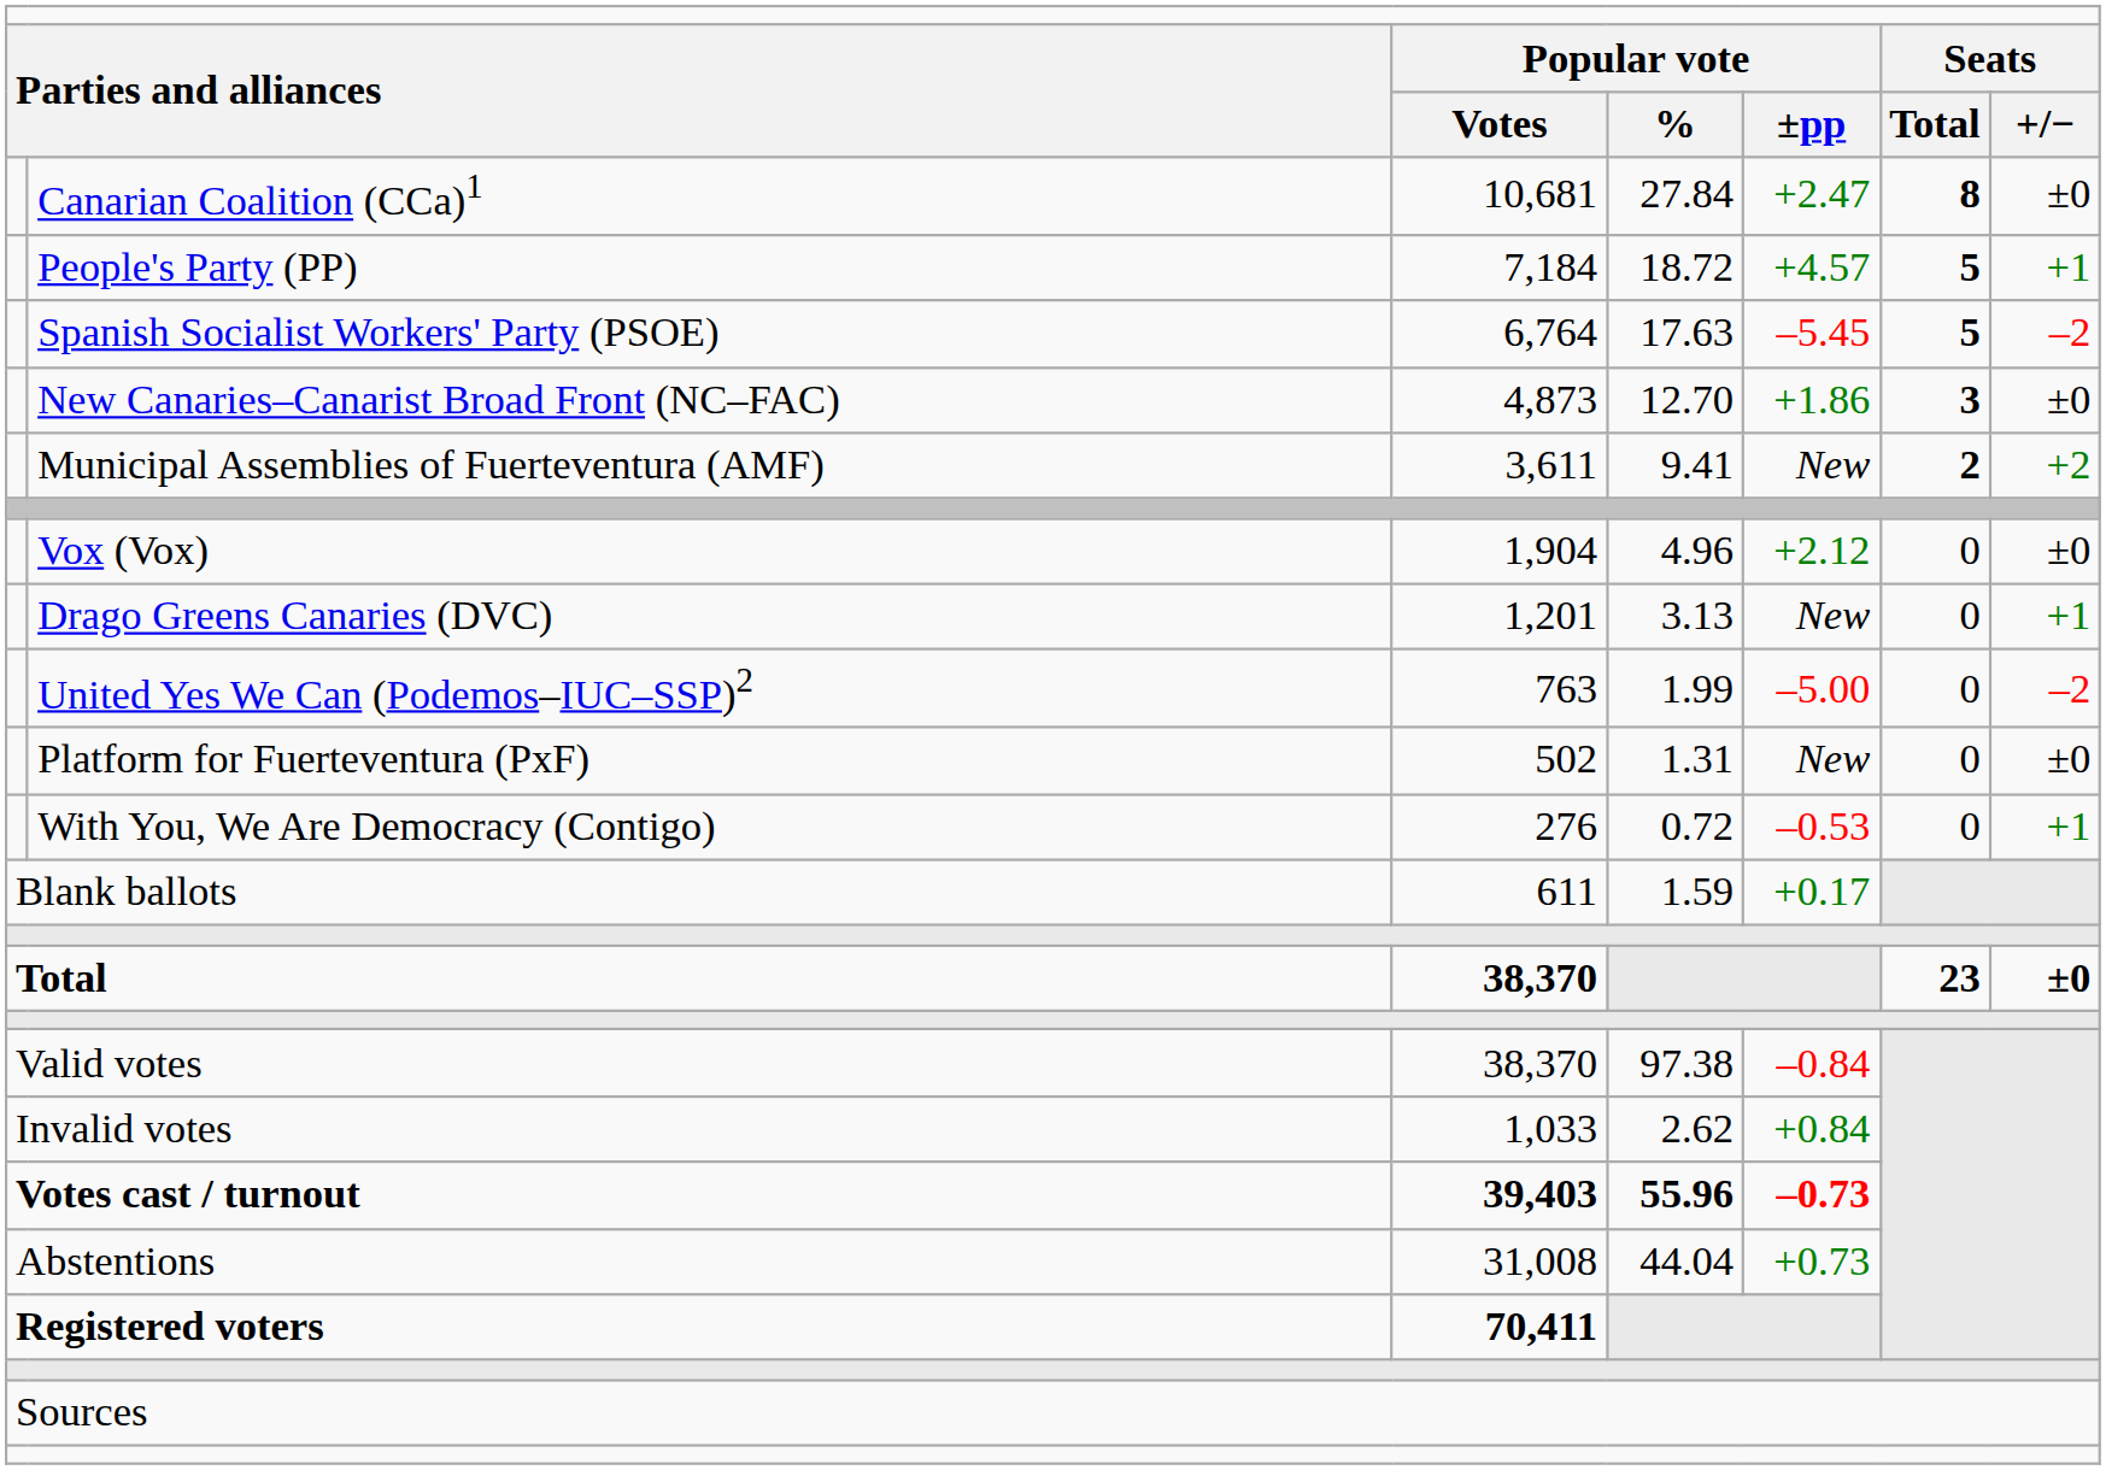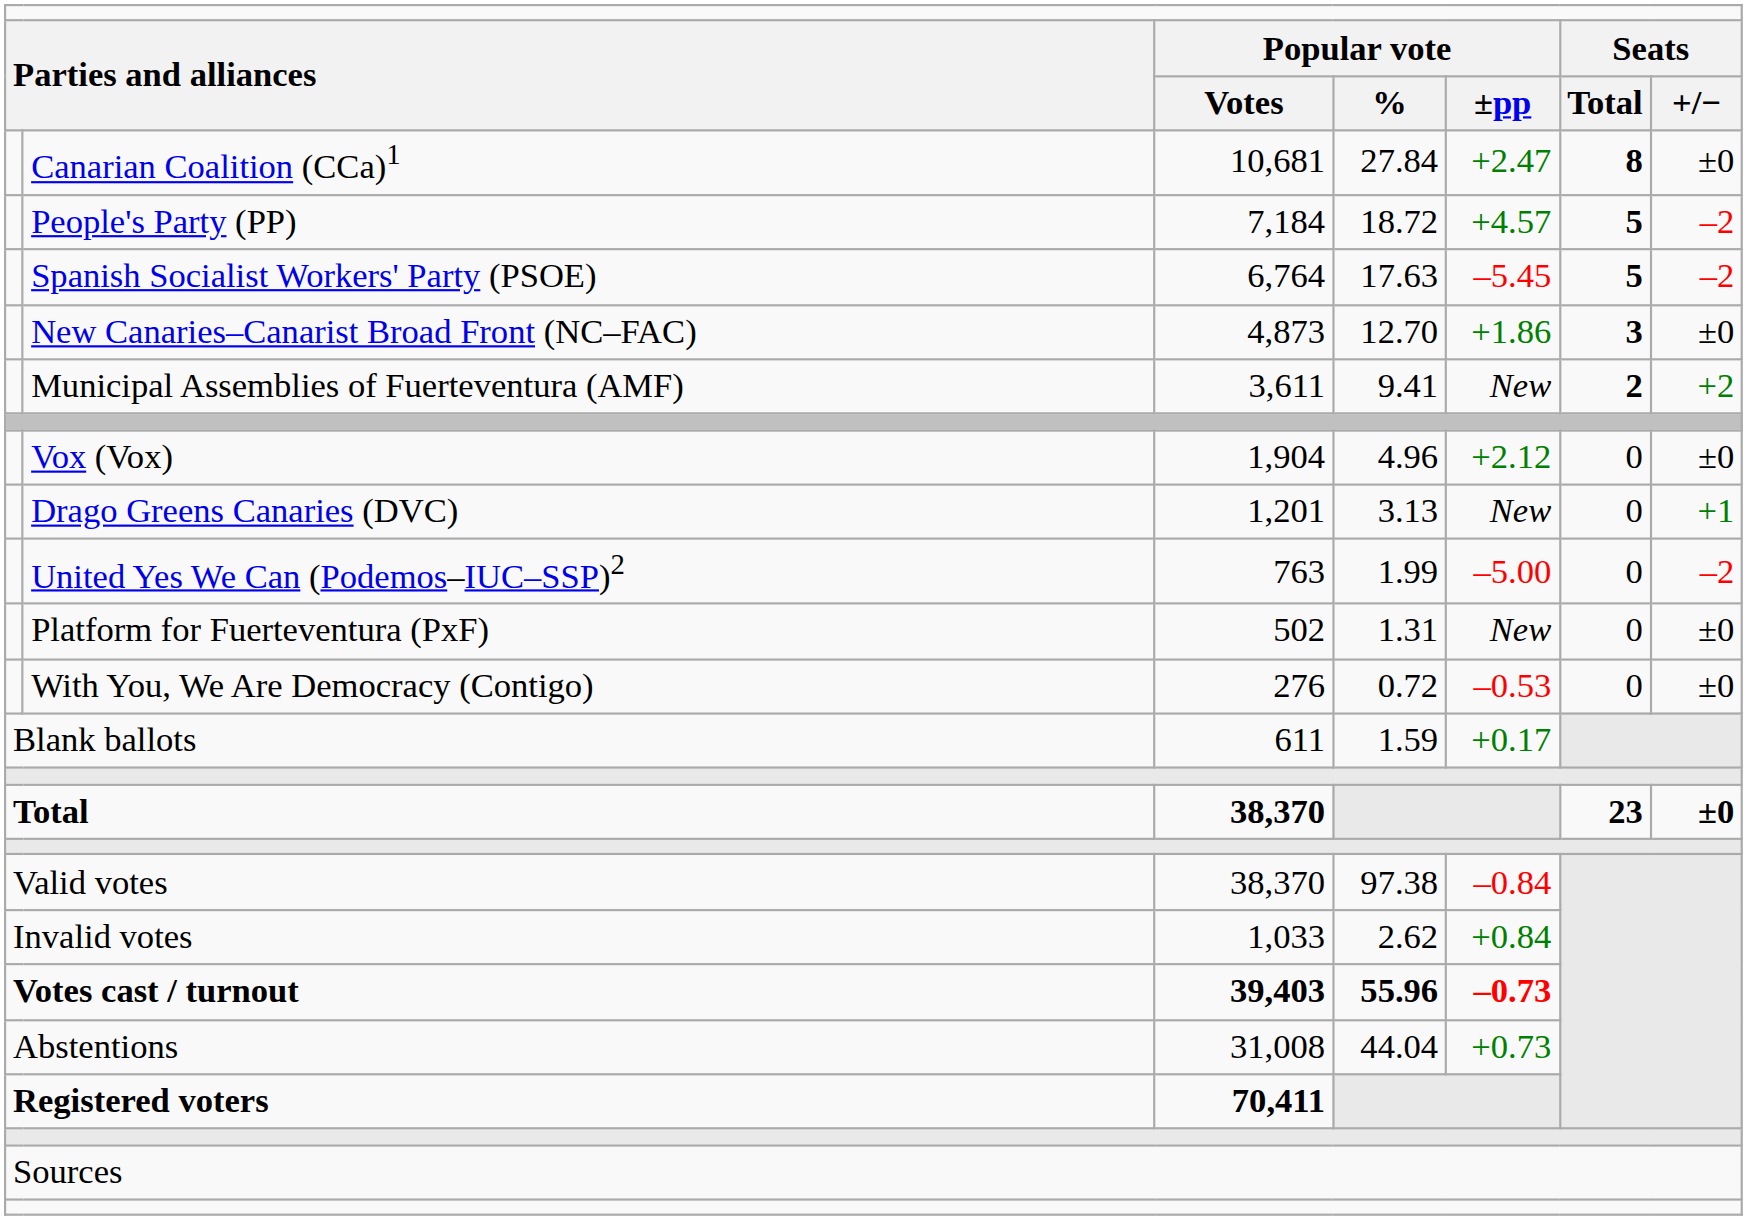 <table class="wikitable" style="text-align:right;">
 <tr>
 <td colspan="7"></td>
 </tr>
 <tr>
 <th style="text-align:left;" rowspan="2" colspan="2" width="525">Parties and alliances</th>
 <th colspan="3">Popular vote</th>
 <th colspan="2">Seats</th>
 </tr>
 <tr>
 <th width="75">Votes</th>
 <th width="45">%</th>
 <th width="45">±<a href='#'>pp</a></th>
 <th width="35">Total</th>
 <th width="35">+/−</th>
 </tr>
 <tr>
 <td width="1" style="color:inherit;background:"></td>
 <td align="left"><a href='#'>Canarian Coalition</a> (CCa)<sup>1</sup></td>
 <td>10,681</td>
 <td>27.84</td>
 <td style="color:green;">+2.47</td>
 <td><strong>8</strong></td>
 <td>±0</td>
 </tr>
 <tr>
 <td style="color:inherit;background:"></td>
 <td align="left"><a href='#'>People's Party</a> (PP)</td>
 <td>7,184</td>
 <td>18.72</td>
 <td style="color:green;">+4.57</td>
 <td><strong>5</strong></td>
-<td style="color:green;">+1</td>
+<td style="color:red;">–2</td>
 </tr>
 <tr>
 <td style="color:inherit;background:"></td>
 <td align="left"><a href='#'>Spanish Socialist Workers' Party</a> (PSOE)</td>
 <td>6,764</td>
 <td>17.63</td>
 <td style="color:red;">–5.45</td>
 <td><strong>5</strong></td>
 <td style="color:red;">–2</td>
 </tr>
 <tr>
 <td style="color:inherit;background:"></td>
 <td align="left"><a href='#'>New Canaries–Canarist Broad Front</a> (NC–FAC)</td>
 <td>4,873</td>
 <td>12.70</td>
 <td style="color:green;">+1.86</td>
 <td><strong>3</strong></td>
 <td>±0</td>
 </tr>
 <tr>
 <td style="color:inherit;background:"></td>
 <td align="left">Municipal Assemblies of Fuerteventura (AMF)</td>
 <td>3,611</td>
 <td>9.41</td>
 <td><em>New</em></td>
 <td><strong>2</strong></td>
 <td style="color:green;">+2</td>
 </tr>
 <tr>
 <td colspan="7" bgcolor="#C0C0C0"></td>
 </tr>
 <tr>
 <td style="color:inherit;background:"></td>
 <td align="left"><a href='#'>Vox</a> (Vox)</td>
 <td>1,904</td>
 <td>4.96</td>
 <td style="color:green;">+2.12</td>
 <td>0</td>
 <td>±0</td>
 </tr>
 <tr>
 <td style="color:inherit;background:"></td>
 <td align="left"><a href='#'>Drago Greens Canaries</a> (DVC)</td>
 <td>1,201</td>
 <td>3.13</td>
 <td><em>New</em></td>
 <td>0</td>
 <td style="color:green;">+1</td>
 </tr>
 <tr>
 <td style="color:inherit;background:"></td>
 <td align="left"><a href='#'>United Yes We Can</a> (<a href='#'>Podemos</a>–<a href='#'>IUC–SSP</a>)<sup>2</sup></td>
 <td>763</td>
 <td>1.99</td>
 <td style="color:red;">–5.00</td>
 <td>0</td>
 <td style="color:red;">–2</td>
 </tr>
 <tr>
 <td style="color:inherit;background:"></td>
 <td align="left">Platform for Fuerteventura (PxF)</td>
 <td>502</td>
 <td>1.31</td>
 <td><em>New</em></td>
 <td>0</td>
 <td>±0</td>
 </tr>
 <tr>
 <td style="color:inherit;background:"></td>
 <td align="left">With You, We Are Democracy (Contigo)</td>
 <td>276</td>
 <td>0.72</td>
 <td style="color:red;">–0.53</td>
 <td>0</td>
-<td style="color:green;">+1</td>
+<td>±0</td>
 </tr>
 <tr>
 <td align="left" colspan="2">Blank ballots</td>
 <td>611</td>
 <td>1.59</td>
 <td style="color:green;">+0.17</td>
 <td bgcolor="#E9E9E9" colspan="2"></td>
 </tr>
 <tr>
 <td colspan="7" bgcolor="#E9E9E9"></td>
 </tr>
 <tr style="font-weight:bold;">
 <td align="left" colspan="2">Total</td>
 <td>38,370</td>
 <td bgcolor="#E9E9E9" colspan="2"></td>
 <td>23</td>
 <td>±0</td>
 </tr>
 <tr>
 <td colspan="7" bgcolor="#E9E9E9"></td>
 </tr>
 <tr>
 <td align="left" colspan="2">Valid votes</td>
 <td>38,370</td>
 <td>97.38</td>
 <td style="color:red;">–0.84</td>
 <td bgcolor="#E9E9E9" colspan="2" rowspan="5"></td>
 </tr>
 <tr>
 <td align="left" colspan="2">Invalid votes</td>
 <td>1,033</td>
 <td>2.62</td>
 <td style="color:green;">+0.84</td>
 </tr>
 <tr style="font-weight:bold;">
 <td align="left" colspan="2">Votes cast / turnout</td>
 <td>39,403</td>
 <td>55.96</td>
 <td style="color:red;">–0.73</td>
 </tr>
 <tr>
 <td align="left" colspan="2">Abstentions</td>
 <td>31,008</td>
 <td>44.04</td>
 <td style="color:green;">+0.73</td>
 </tr>
 <tr style="font-weight:bold;">
 <td align="left" colspan="2">Registered voters</td>
 <td>70,411</td>
 <td bgcolor="#E9E9E9" colspan="2"></td>
 </tr>
 <tr>
 <td colspan="7" bgcolor="#E9E9E9"></td>
 </tr>
 <tr>
 <td align="left" colspan="7">Sources</td>
 </tr>
 <tr>
 <td colspan="7" style="text-align:left; max-width:790px;"></td>
 </tr>
 </table>
